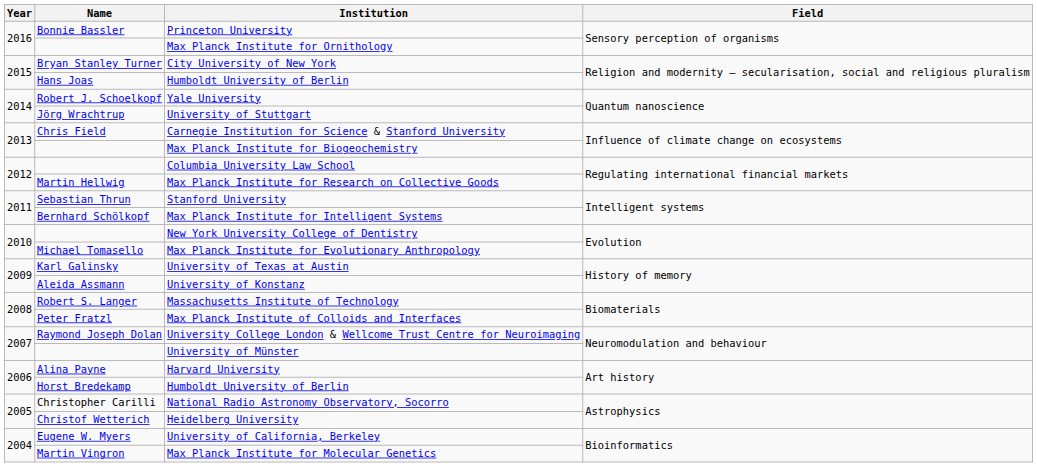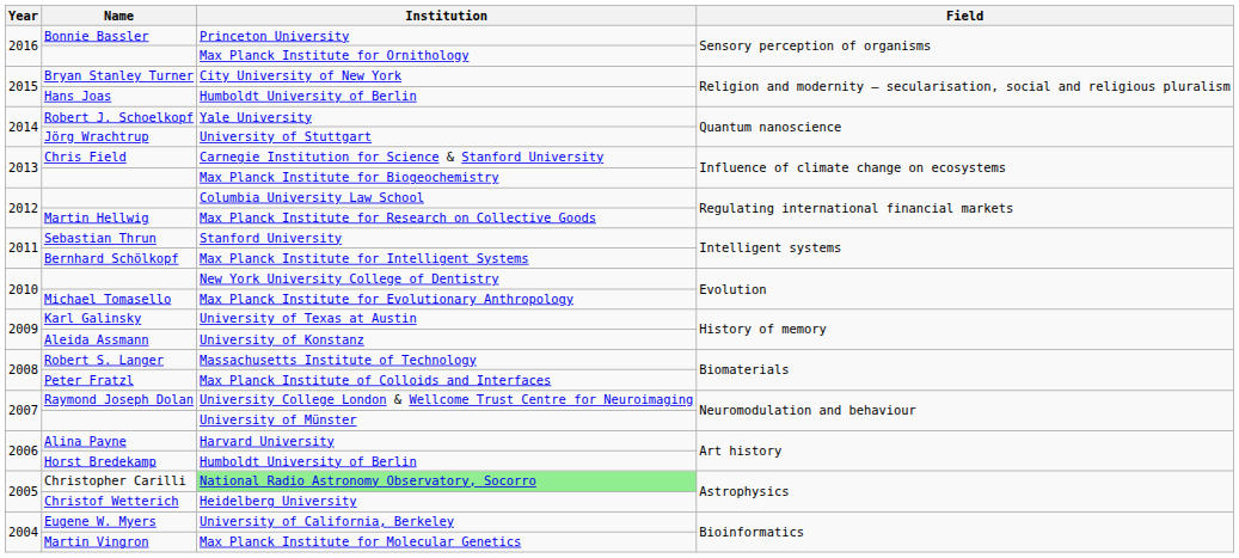 <table class="wikitable">
 <tr>
 <th>Year</th>
 <th>Name</th>
 <th>Institution</th>
 <th>Field</th>
 </tr>
 <tr>
 <td rowspan="2">2016</td>
 <td><a href='#'>Bonnie Bassler</a></td>
 <td><a href='#'>Princeton University</a></td>
 <td rowspan="2">Sensory perception of organisms</td>
 </tr>
 <tr>
 <td></td>
 <td><a href='#'>Max Planck Institute for Ornithology</a></td>
 </tr>
 <tr>
 <td rowspan="2">2015</td>
 <td><a href='#'>Bryan Stanley Turner</a></td>
 <td><a href='#'>City University of New York</a></td>
 <td rowspan="2">Religion and modernity – secularisation, social and religious pluralism</td>
 </tr>
 <tr>
 <td><a href='#'>Hans Joas</a></td>
 <td><a href='#'>Humboldt University of Berlin</a></td>
 </tr>
 <tr>
 <td rowspan="2">2014</td>
 <td><a href='#'>Robert J. Schoelkopf</a></td>
 <td><a href='#'>Yale University</a></td>
 <td rowspan="2">Quantum nanoscience</td>
 </tr>
 <tr>
 <td><a href='#'>Jörg Wrachtrup</a></td>
 <td><a href='#'>University of Stuttgart</a></td>
 </tr>
 <tr>
 <td rowspan="2">2013</td>
 <td><a href='#'>Chris Field</a></td>
 <td><a href='#'>Carnegie Institution for Science</a> & <a href='#'>Stanford University</a></td>
 <td rowspan="2">Influence of climate change on ecosystems</td>
 </tr>
 <tr>
 <td></td>
 <td><a href='#'>Max Planck Institute for Biogeochemistry</a></td>
 </tr>
 <tr>
 <td rowspan="2">2012</td>
 <td></td>
 <td><a href='#'>Columbia University Law School</a></td>
 <td rowspan="2">Regulating international financial markets</td>
 </tr>
 <tr>
 <td><a href='#'>Martin Hellwig</a></td>
 <td><a href='#'>Max Planck Institute for Research on Collective Goods</a></td>
 </tr>
 <tr>
 <td rowspan="2">2011</td>
 <td><a href='#'>Sebastian Thrun</a></td>
 <td><a href='#'>Stanford University</a></td>
 <td rowspan="2">Intelligent systems</td>
 </tr>
 <tr>
 <td><a href='#'>Bernhard Schölkopf</a></td>
 <td><a href='#'>Max Planck Institute for Intelligent Systems</a></td>
 </tr>
 <tr>
 <td rowspan="2">2010</td>
 <td></td>
 <td><a href='#'>New York University College of Dentistry</a></td>
 <td rowspan="2">Evolution</td>
 </tr>
 <tr>
 <td><a href='#'>Michael Tomasello</a></td>
 <td><a href='#'>Max Planck Institute for Evolutionary Anthropology</a></td>
 </tr>
 <tr>
 <td rowspan="2">2009</td>
 <td><a href='#'>Karl Galinsky</a></td>
 <td><a href='#'>University of Texas at Austin</a></td>
 <td rowspan="2">History of memory</td>
 </tr>
 <tr>
 <td><a href='#'>Aleida Assmann</a></td>
 <td><a href='#'>University of Konstanz</a></td>
 </tr>
 <tr>
 <td rowspan="2">2008</td>
 <td><a href='#'>Robert S. Langer</a></td>
 <td><a href='#'>Massachusetts Institute of Technology</a></td>
 <td rowspan="2">Biomaterials</td>
 </tr>
 <tr>
 <td><a href='#'>Peter Fratzl</a></td>
 <td><a href='#'>Max Planck Institute of Colloids and Interfaces</a></td>
 </tr>
 <tr>
 <td rowspan="2">2007</td>
 <td><a href='#'>Raymond Joseph Dolan</a></td>
 <td><a href='#'>University College London</a> & <a href='#'>Wellcome Trust Centre for Neuroimaging</a></td>
 <td rowspan="2">Neuromodulation and behaviour</td>
 </tr>
 <tr>
 <td></td>
 <td><a href='#'>University of Münster</a></td>
 </tr>
 <tr>
 <td rowspan="2">2006</td>
 <td><a href='#'>Alina Payne</a></td>
 <td><a href='#'>Harvard University</a></td>
 <td rowspan="2">Art history</td>
 </tr>
 <tr>
 <td><a href='#'>Horst Bredekamp</a></td>
 <td><a href='#'>Humboldt University of Berlin</a></td>
 </tr>
 <tr>
 <td rowspan="2">2005</td>
 <td>Christopher Carilli</td>
-<td><a href='#'>National Radio Astronomy Observatory, Socorro</a></td>
+<td style="background: lightgreen;"><a href='#'>National Radio Astronomy Observatory, Socorro</a></td>
 <td rowspan="2">Astrophysics</td>
 </tr>
 <tr>
 <td><a href='#'>Christof Wetterich</a></td>
 <td><a href='#'>Heidelberg University</a></td>
 </tr>
 <tr>
 <td rowspan="2">2004</td>
 <td><a href='#'>Eugene W. Myers</a></td>
 <td><a href='#'>University of California, Berkeley</a></td>
 <td rowspan="2">Bioinformatics</td>
 </tr>
 <tr>
 <td><a href='#'>Martin Vingron</a></td>
 <td><a href='#'>Max Planck Institute for Molecular Genetics</a></td>
 </tr>
 </table>
